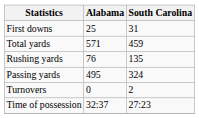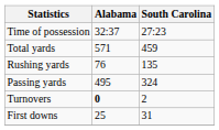 <table class="wikitable" style="float: left;">
 <tr>
 <th>Statistics</th>
 <th>Alabama</th>
 <th>South Carolina</th>
 </tr>
 <tr>
-<td>First downs</td>
-<td>25</td>
-<td>31</td>
+<td>Time of possession</td>
+<td>32:37</td>
+<td>27:23</td>
 </tr>
 <tr>
 <td>Total yards</td>
 <td>571</td>
 <td>459</td>
 </tr>
 <tr>
 <td>Rushing yards</td>
 <td>76</td>
 <td>135</td>
 </tr>
 <tr>
 <td>Passing yards</td>
 <td>495</td>
 <td>324</td>
 </tr>
 <tr>
 <td>Turnovers</td>
-<td>0</td>
+<td><strong>0</strong></td>
 <td>2</td>
 </tr>
 <tr>
-<td>Time of possession</td>
-<td>32:37</td>
-<td>27:23</td>
+<td>First downs</td>
+<td>25</td>
+<td>31</td>
 </tr>
 <tr>
 </tr>
 </table>
